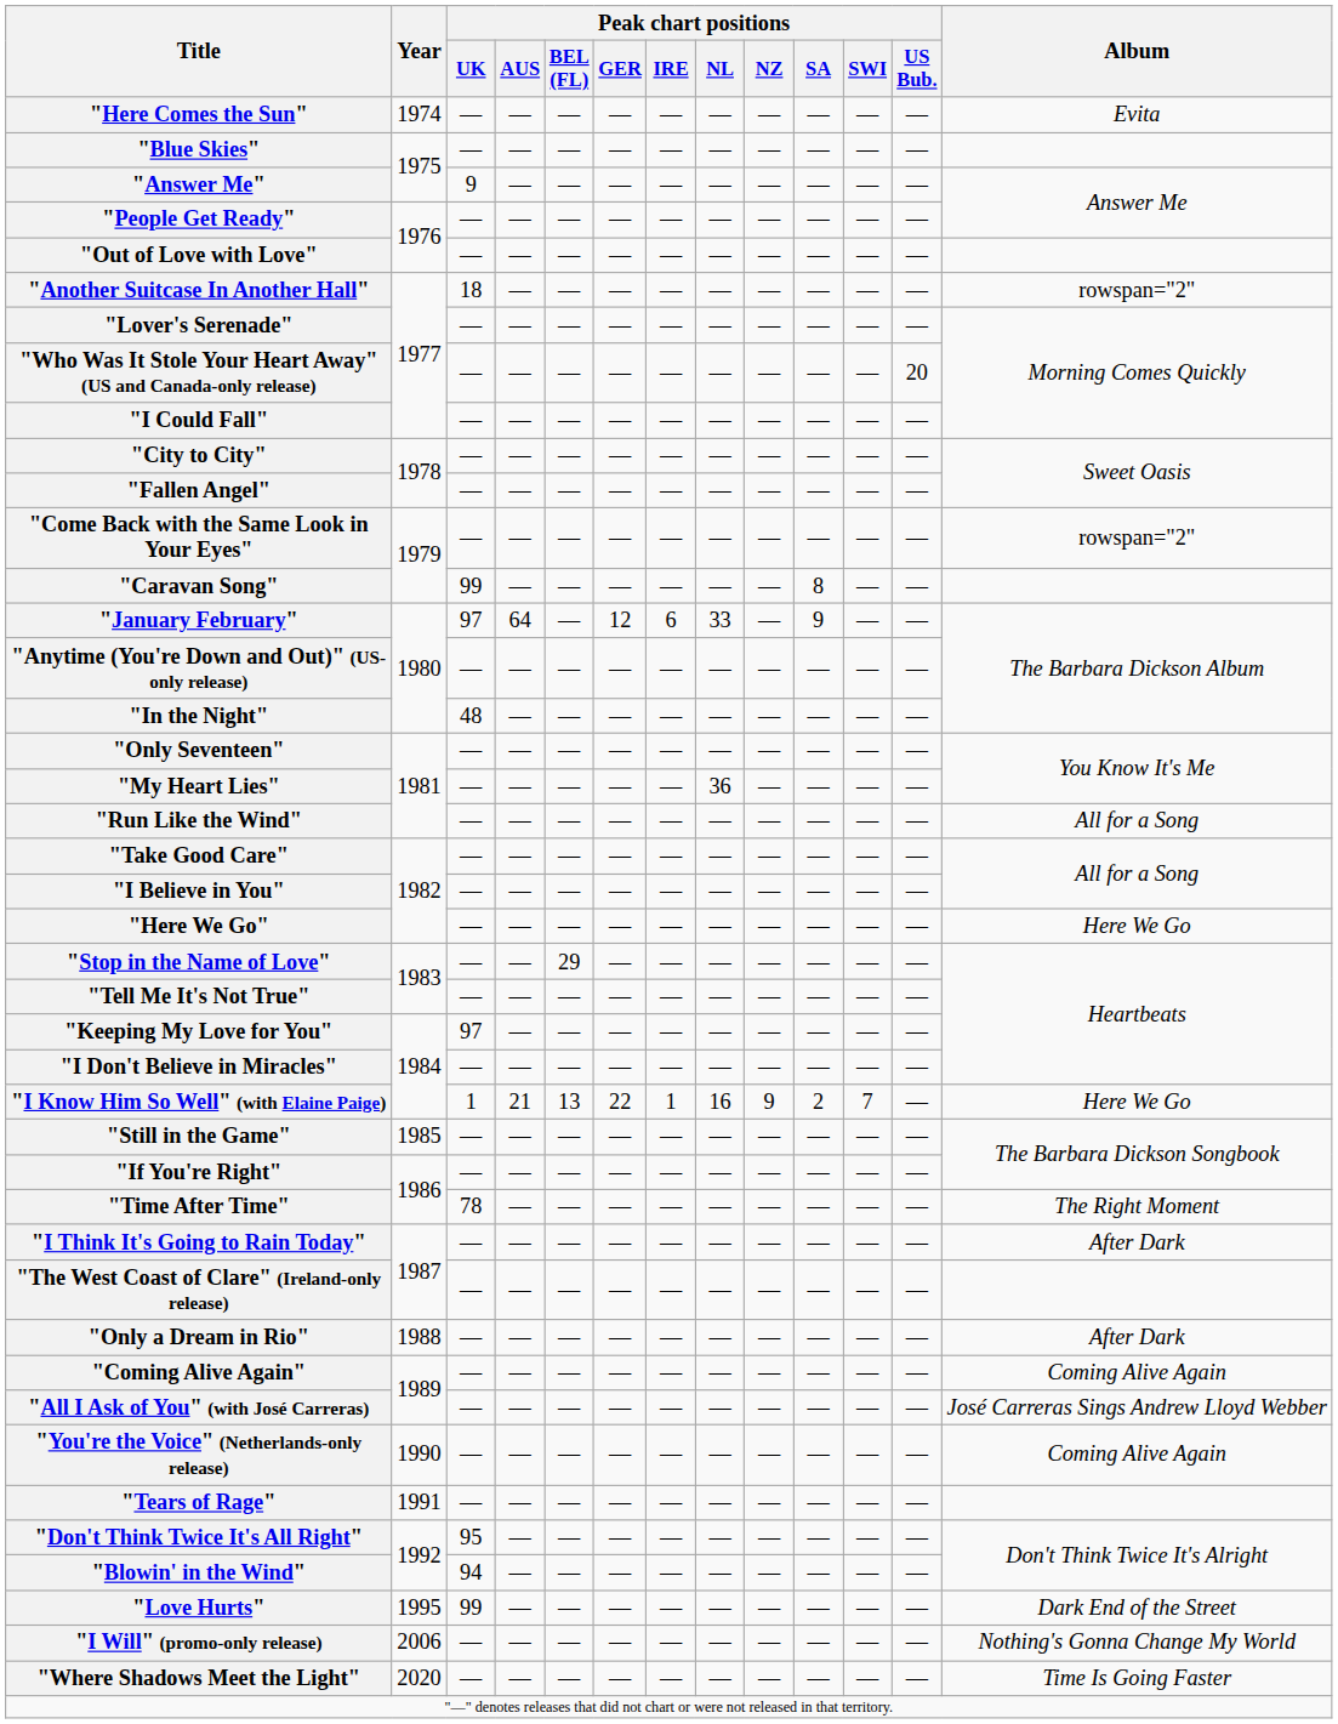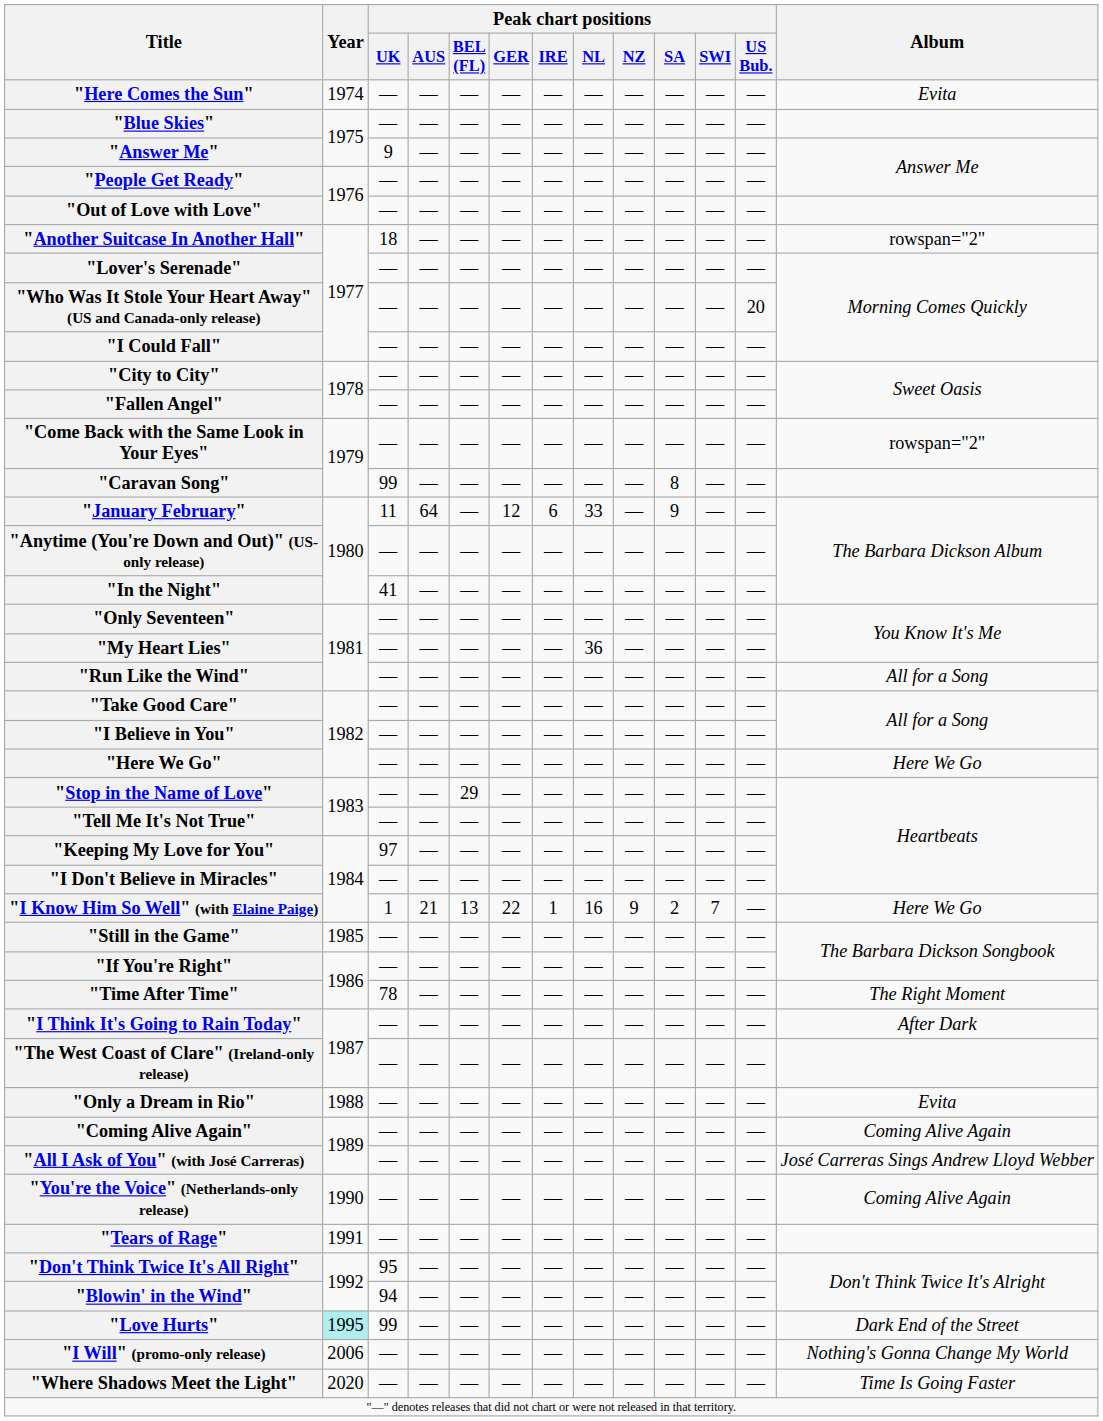 <table class="wikitable plainrowheaders" style="text-align:center;">
 <tr>
 <th rowspan="2" scope="col" style="width:17em;">Title</th>
 <th rowspan="2" scope="col" style="width:2em;">Year</th>
 <th colspan="10">Peak chart positions</th>
 <th rowspan="2">Album</th>
 </tr>
 <tr>
 <th scope="col" style="width:2em;font-size:90%;"><a href='#'>UK</a><br></th>
 <th scope="col" style="width:2em;font-size:90%;"><a href='#'>AUS</a><br></th>
 <th scope="col" style="width:2em;font-size:90%;"><a href='#'>BEL<br>(FL)</a><br></th>
 <th scope="col" style="width:2em;font-size:90%;"><a href='#'>GER</a><br></th>
 <th scope="col" style="width:2em;font-size:90%;"><a href='#'>IRE</a><br></th>
 <th scope="col" style="width:2em;font-size:90%;"><a href='#'>NL</a><br></th>
 <th scope="col" style="width:2em;font-size:90%;"><a href='#'>NZ</a><br></th>
 <th scope="col" style="width:2em;font-size:90%;"><a href='#'>SA</a><br></th>
 <th scope="col" style="width:2em;font-size:90%;"><a href='#'>SWI</a><br></th>
 <th scope="col" style="width:2em;font-size:90%;"><a href='#'>US<br>Bub.</a><br></th>
 </tr>
 <tr>
 <th scope="row">"<a href='#'>Here Comes the Sun</a>"</th>
 <td>1974</td>
 <td>—</td>
 <td>—</td>
 <td>—</td>
 <td>—</td>
 <td>—</td>
 <td>—</td>
 <td>—</td>
 <td>—</td>
 <td>—</td>
 <td>—</td>
 <td><em>Evita</em></td>
 </tr>
 <tr>
 <th scope="row">"<a href='#'>Blue Skies</a>"</th>
 <td rowspan="2">1975</td>
 <td>—</td>
 <td>—</td>
 <td>—</td>
 <td>—</td>
 <td>—</td>
 <td>—</td>
 <td>—</td>
 <td>—</td>
 <td>—</td>
 <td>—</td>
 </tr>
 <tr>
 <th scope="row">"<a href='#'>Answer Me</a>"</th>
 <td>9</td>
 <td>—</td>
 <td>—</td>
 <td>—</td>
 <td>—</td>
 <td>—</td>
 <td>—</td>
 <td>—</td>
 <td>—</td>
 <td>—</td>
 <td rowspan="2"><em>Answer Me</em></td>
 </tr>
 <tr>
 <th scope="row">"<a href='#'>People Get Ready</a>"</th>
 <td rowspan="2">1976</td>
 <td>—</td>
 <td>—</td>
 <td>—</td>
 <td>—</td>
 <td>—</td>
 <td>—</td>
 <td>—</td>
 <td>—</td>
 <td>—</td>
 <td>—</td>
 </tr>
 <tr>
 <th scope="row">"Out of Love with Love"</th>
 <td>—</td>
 <td>—</td>
 <td>—</td>
 <td>—</td>
 <td>—</td>
 <td>—</td>
 <td>—</td>
 <td>—</td>
 <td>—</td>
 <td>—</td>
 <td></td>
 </tr>
 <tr>
 <th scope="row">"<a href='#'>Another Suitcase In Another Hall</a>"</th>
 <td rowspan="4">1977</td>
 <td>18</td>
 <td>—</td>
 <td>—</td>
 <td>—</td>
 <td>—</td>
 <td>—</td>
 <td>—</td>
 <td>—</td>
 <td>—</td>
 <td>—</td>
 <td>rowspan="2" </td>
 </tr>
 <tr>
 <th scope="row">"Lover's Serenade"</th>
 <td>—</td>
 <td>—</td>
 <td>—</td>
 <td>—</td>
 <td>—</td>
 <td>—</td>
 <td>—</td>
 <td>—</td>
 <td>—</td>
 <td>—</td>
 <td rowspan="3"><em>Morning Comes Quickly</em></td>
 </tr>
 <tr>
 <th scope="row">"Who Was It Stole Your Heart Away" <small>(US and Canada-only release)</small></th>
 <td>—</td>
 <td>—</td>
 <td>—</td>
 <td>—</td>
 <td>—</td>
 <td>—</td>
 <td>—</td>
 <td>—</td>
 <td>—</td>
 <td>20</td>
 </tr>
 <tr>
 <th scope="row">"I Could Fall"</th>
 <td>—</td>
 <td>—</td>
 <td>—</td>
 <td>—</td>
 <td>—</td>
 <td>—</td>
 <td>—</td>
 <td>—</td>
 <td>—</td>
 <td>—</td>
 </tr>
 <tr>
 <th scope="row">"City to City"</th>
 <td rowspan="2">1978</td>
 <td>—</td>
 <td>—</td>
 <td>—</td>
 <td>—</td>
 <td>—</td>
 <td>—</td>
 <td>—</td>
 <td>—</td>
 <td>—</td>
 <td>—</td>
 <td rowspan="2"><em>Sweet Oasis</em></td>
 </tr>
 <tr>
 <th scope="row">"Fallen Angel"</th>
 <td>—</td>
 <td>—</td>
 <td>—</td>
 <td>—</td>
 <td>—</td>
 <td>—</td>
 <td>—</td>
 <td>—</td>
 <td>—</td>
 <td>—</td>
 </tr>
 <tr>
 <th scope="row">"Come Back with the Same Look in Your Eyes"</th>
 <td rowspan="2">1979</td>
 <td>—</td>
 <td>—</td>
 <td>—</td>
 <td>—</td>
 <td>—</td>
 <td>—</td>
 <td>—</td>
 <td>—</td>
 <td>—</td>
 <td>—</td>
 <td>rowspan="2" </td>
 </tr>
 <tr>
 <th scope="row">"Caravan Song"</th>
 <td>99</td>
 <td>—</td>
 <td>—</td>
 <td>—</td>
 <td>—</td>
 <td>—</td>
 <td>—</td>
 <td>8</td>
 <td>—</td>
 <td>—</td>
 </tr>
 <tr>
 <th scope="row">"<a href='#'>January February</a>"</th>
 <td rowspan="3">1980</td>
-<td>97</td>
+<td>11</td>
 <td>64</td>
 <td>—</td>
 <td>12</td>
 <td>6</td>
 <td>33</td>
 <td>—</td>
 <td>9</td>
 <td>—</td>
 <td>—</td>
 <td rowspan="3"><em>The Barbara Dickson Album</em></td>
 </tr>
 <tr>
 <th scope="row">"Anytime (You're Down and Out)" <small>(US-only release)</small></th>
 <td>—</td>
 <td>—</td>
 <td>—</td>
 <td>—</td>
 <td>—</td>
 <td>—</td>
 <td>—</td>
 <td>—</td>
 <td>—</td>
 <td>—</td>
 </tr>
 <tr>
 <th scope="row">"In the Night"</th>
-<td>48</td>
+<td>41</td>
 <td>—</td>
 <td>—</td>
 <td>—</td>
 <td>—</td>
 <td>—</td>
 <td>—</td>
 <td>—</td>
 <td>—</td>
 <td>—</td>
 </tr>
 <tr>
 <th scope="row">"Only Seventeen"</th>
 <td rowspan="3">1981</td>
 <td>—</td>
 <td>—</td>
 <td>—</td>
 <td>—</td>
 <td>—</td>
 <td>—</td>
 <td>—</td>
 <td>—</td>
 <td>—</td>
 <td>—</td>
 <td rowspan="2"><em>You Know It's Me</em></td>
 </tr>
 <tr>
 <th scope="row">"My Heart Lies"</th>
 <td>—</td>
 <td>—</td>
 <td>—</td>
 <td>—</td>
 <td>—</td>
 <td>36</td>
 <td>—</td>
 <td>—</td>
 <td>—</td>
 <td>—</td>
 </tr>
 <tr>
 <th scope="row">"Run Like the Wind"</th>
 <td>—</td>
 <td>—</td>
 <td>—</td>
 <td>—</td>
 <td>—</td>
 <td>—</td>
 <td>—</td>
 <td>—</td>
 <td>—</td>
 <td>—</td>
 <td><em>All for a Song</em></td>
 </tr>
 <tr>
 <th scope="row">"Take Good Care"</th>
 <td rowspan="3">1982</td>
 <td>—</td>
 <td>—</td>
 <td>—</td>
 <td>—</td>
 <td>—</td>
 <td>—</td>
 <td>—</td>
 <td>—</td>
 <td>—</td>
 <td>—</td>
 <td rowspan="2"><em>All for a Song</em></td>
 </tr>
 <tr>
 <th scope="row">"I Believe in You"</th>
 <td>—</td>
 <td>—</td>
 <td>—</td>
 <td>—</td>
 <td>—</td>
 <td>—</td>
 <td>—</td>
 <td>—</td>
 <td>—</td>
 <td>—</td>
 </tr>
 <tr>
 <th scope="row">"Here We Go"</th>
 <td>—</td>
 <td>—</td>
 <td>—</td>
 <td>—</td>
 <td>—</td>
 <td>—</td>
 <td>—</td>
 <td>—</td>
 <td>—</td>
 <td>—</td>
 <td><em>Here We Go</em></td>
 </tr>
 <tr>
 <th scope="row">"<a href='#'>Stop in the Name of Love</a>"</th>
 <td rowspan="2">1983</td>
 <td>—</td>
 <td>—</td>
 <td>29</td>
 <td>—</td>
 <td>—</td>
 <td>—</td>
 <td>—</td>
 <td>—</td>
 <td>—</td>
 <td>—</td>
 <td rowspan="4"><em>Heartbeats</em></td>
 </tr>
 <tr>
 <th scope="row">"Tell Me It's Not True"</th>
 <td>—</td>
 <td>—</td>
 <td>—</td>
 <td>—</td>
 <td>—</td>
 <td>—</td>
 <td>—</td>
 <td>—</td>
 <td>—</td>
 <td>—</td>
 </tr>
 <tr>
 <th scope="row">"Keeping My Love for You"</th>
 <td rowspan="3">1984</td>
 <td>97</td>
 <td>—</td>
 <td>—</td>
 <td>—</td>
 <td>—</td>
 <td>—</td>
 <td>—</td>
 <td>—</td>
 <td>—</td>
 <td>—</td>
 </tr>
 <tr>
 <th scope="row">"I Don't Believe in Miracles"</th>
 <td>—</td>
 <td>—</td>
 <td>—</td>
 <td>—</td>
 <td>—</td>
 <td>—</td>
 <td>—</td>
 <td>—</td>
 <td>—</td>
 <td>—</td>
 </tr>
 <tr>
 <th scope="row">"<a href='#'>I Know Him So Well</a>" <small>(with <a href='#'>Elaine Paige</a>)</small></th>
 <td>1</td>
 <td>21</td>
 <td>13</td>
 <td>22</td>
 <td>1</td>
 <td>16</td>
 <td>9</td>
 <td>2</td>
 <td>7</td>
 <td>—</td>
 <td><em>Here We Go</em></td>
 </tr>
 <tr>
 <th scope="row">"Still in the Game"</th>
 <td>1985</td>
 <td>—</td>
 <td>—</td>
 <td>—</td>
 <td>—</td>
 <td>—</td>
 <td>—</td>
 <td>—</td>
 <td>—</td>
 <td>—</td>
 <td>—</td>
 <td rowspan="2"><em>The Barbara Dickson Songbook</em></td>
 </tr>
 <tr>
 <th scope="row">"If You're Right"</th>
 <td rowspan="2">1986</td>
 <td>—</td>
 <td>—</td>
 <td>—</td>
 <td>—</td>
 <td>—</td>
 <td>—</td>
 <td>—</td>
 <td>—</td>
 <td>—</td>
 <td>—</td>
 </tr>
 <tr>
 <th scope="row">"Time After Time"</th>
 <td>78</td>
 <td>—</td>
 <td>—</td>
 <td>—</td>
 <td>—</td>
 <td>—</td>
 <td>—</td>
 <td>—</td>
 <td>—</td>
 <td>—</td>
 <td><em>The Right Moment</em></td>
 </tr>
 <tr>
 <th scope="row">"<a href='#'>I Think It's Going to Rain Today</a>"</th>
 <td rowspan="2">1987</td>
 <td>—</td>
 <td>—</td>
 <td>—</td>
 <td>—</td>
 <td>—</td>
 <td>—</td>
 <td>—</td>
 <td>—</td>
 <td>—</td>
 <td>—</td>
 <td><em>After Dark</em></td>
 </tr>
 <tr>
 <th scope="row">"The West Coast of Clare" <small>(Ireland-only release)</small></th>
 <td>—</td>
 <td>—</td>
 <td>—</td>
 <td>—</td>
 <td>—</td>
 <td>—</td>
 <td>—</td>
 <td>—</td>
 <td>—</td>
 <td>—</td>
 <td></td>
 </tr>
 <tr>
 <th scope="row">"Only a Dream in Rio"</th>
 <td>1988</td>
 <td>—</td>
 <td>—</td>
 <td>—</td>
 <td>—</td>
 <td>—</td>
 <td>—</td>
 <td>—</td>
 <td>—</td>
 <td>—</td>
 <td>—</td>
-<td><em>After Dark</em></td>
+<td><em>Evita</em></td>
 </tr>
 <tr>
 <th scope="row">"Coming Alive Again"</th>
 <td rowspan="2">1989</td>
 <td>—</td>
 <td>—</td>
 <td>—</td>
 <td>—</td>
 <td>—</td>
 <td>—</td>
 <td>—</td>
 <td>—</td>
 <td>—</td>
 <td>—</td>
 <td><em>Coming Alive Again</em></td>
 </tr>
 <tr>
 <th scope="row">"<a href='#'>All I Ask of You</a>" <small>(with José Carreras)</small></th>
 <td>—</td>
 <td>—</td>
 <td>—</td>
 <td>—</td>
 <td>—</td>
 <td>—</td>
 <td>—</td>
 <td>—</td>
 <td>—</td>
 <td>—</td>
 <td><em>José Carreras Sings Andrew Lloyd Webber</em></td>
 </tr>
 <tr>
 <th scope="row">"<a href='#'>You're the Voice</a>" <small>(Netherlands-only release)</small></th>
 <td>1990</td>
 <td>—</td>
 <td>—</td>
 <td>—</td>
 <td>—</td>
 <td>—</td>
 <td>—</td>
 <td>—</td>
 <td>—</td>
 <td>—</td>
 <td>—</td>
 <td><em>Coming Alive Again</em></td>
 </tr>
 <tr>
 <th scope="row">"<a href='#'>Tears of Rage</a>"</th>
 <td>1991</td>
 <td>—</td>
 <td>—</td>
 <td>—</td>
 <td>—</td>
 <td>—</td>
 <td>—</td>
 <td>—</td>
 <td>—</td>
 <td>—</td>
 <td>—</td>
 <td></td>
 </tr>
 <tr>
 <th scope="row">"<a href='#'>Don't Think Twice It's All Right</a>"</th>
 <td rowspan="2">1992</td>
 <td>95</td>
 <td>—</td>
 <td>—</td>
 <td>—</td>
 <td>—</td>
 <td>—</td>
 <td>—</td>
 <td>—</td>
 <td>—</td>
 <td>—</td>
 <td rowspan="2"><em>Don't Think Twice It's Alright</em></td>
 </tr>
 <tr>
 <th scope="row">"<a href='#'>Blowin' in the Wind</a>"</th>
 <td>94</td>
 <td>—</td>
 <td>—</td>
 <td>—</td>
 <td>—</td>
 <td>—</td>
 <td>—</td>
 <td>—</td>
 <td>—</td>
 <td>—</td>
 </tr>
 <tr>
 <th scope="row">"<a href='#'>Love Hurts</a>"</th>
-<td>1995</td>
+<td style="background: paleturquoise;">1995</td>
 <td>99</td>
 <td>—</td>
 <td>—</td>
 <td>—</td>
 <td>—</td>
 <td>—</td>
 <td>—</td>
 <td>—</td>
 <td>—</td>
 <td>—</td>
 <td><em>Dark End of the Street</em></td>
 </tr>
 <tr>
 <th scope="row">"<a href='#'>I Will</a>" <small>(promo-only release)</small></th>
 <td>2006</td>
 <td>—</td>
 <td>—</td>
 <td>—</td>
 <td>—</td>
 <td>—</td>
 <td>—</td>
 <td>—</td>
 <td>—</td>
 <td>—</td>
 <td>—</td>
 <td><em>Nothing's Gonna Change My World</em></td>
 </tr>
 <tr>
 <th scope="row">"Where Shadows Meet the Light"</th>
 <td>2020</td>
 <td>—</td>
 <td>—</td>
 <td>—</td>
 <td>—</td>
 <td>—</td>
 <td>—</td>
 <td>—</td>
 <td>—</td>
 <td>—</td>
 <td>—</td>
 <td><em>Time Is Going Faster</em></td>
 </tr>
 <tr>
 <td colspan="13" style="font-size:8pt">"—" denotes releases that did not chart or were not released in that territory.</td>
 </tr>
 </table>
